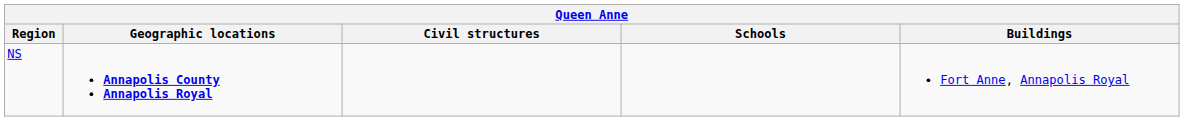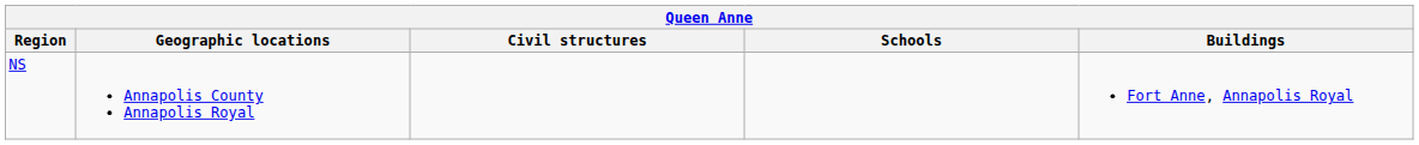 <table class="wikitable" width="100%">
 <tr>
 <th colspan="5"> <a href='#'>Queen Anne</a></th>
 </tr>
 <tr>
 <th width="5%">Region</th>
 <th width="23.75%">Geographic locations</th>
 <th width="23.75%">Civil structures</th>
 <th width="23.75%">Schools</th>
 <th width="23.75%">Buildings</th>
 </tr>
 <tr>
 <td align=left valign=top> <a href='#'>NS</a></td>
-<td align=left valign=top><strong><br><ul><li><a href='#'>Annapolis County</a></li><li><a href='#'>Annapolis Royal</a></li></ul></strong></td>
+<td align=left valign=top><br><ul><li><a href='#'>Annapolis County</a></li><li><a href='#'>Annapolis Royal</a></li></ul></td>
 <td></td>
 <td></td>
 <td align=left valign=top><br><ul><li><a href='#'>Fort Anne</a>, <a href='#'>Annapolis Royal</a></li></ul></td>
 </tr>
 </table>
